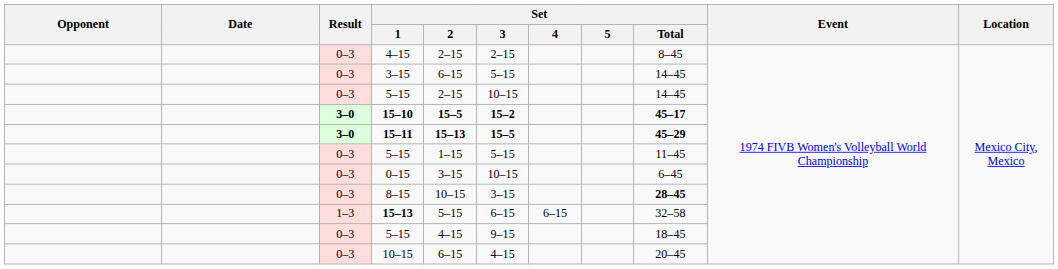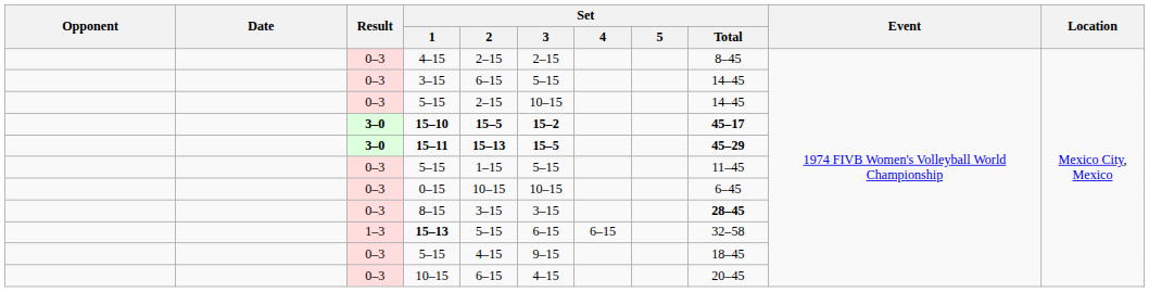 <table class="wikitable" style="font-size: 90%">
 <tr>
 <th rowspan=2 width=15%>Opponent</th>
 <th rowspan=2 width=15%>Date</th>
 <th rowspan=2 width=5%>Result</th>
 <th colspan=6>Set</th>
 <th rowspan=2 width=24%>Event</th>
 <th rowspan=2 width=16%>Location</th>
 </tr>
 <tr>
 <th width=5%>1</th>
 <th width=5%>2</th>
 <th width=5%>3</th>
 <th width=5%>4</th>
 <th width=5%>5</th>
 <th width=7%>Total</th>
 </tr>
 <tr style="text-align:center;">
 <td style="text-align:left;"></td>
 <td></td>
 <td style="background:#ffdddd;">0–3</td>
 <td>4–15</td>
 <td>2–15</td>
 <td>2–15</td>
 <td></td>
 <td></td>
 <td>8–45</td>
 <td rowspan=11><a href='#'>1974 FIVB Women's Volleyball World Championship</a></td>
 <td rowspan=11><a href='#'>Mexico City</a>, <a href='#'>Mexico</a></td>
 </tr>
 <tr style="text-align:center;">
 <td style="text-align:left;"></td>
 <td></td>
 <td style="background:#ffdddd;">0–3</td>
 <td>3–15</td>
 <td>6–15</td>
 <td>5–15</td>
 <td></td>
 <td></td>
 <td>14–45</td>
 </tr>
 <tr style="text-align:center;">
 <td style="text-align:left;"></td>
 <td></td>
 <td style="background:#ffdddd;">0–3</td>
 <td>5–15</td>
 <td>2–15</td>
 <td>10–15</td>
 <td></td>
 <td></td>
 <td>14–45</td>
 </tr>
 <tr style="text-align:center;">
 <td style="text-align:left;"></td>
 <td></td>
 <td style="background:#ddffdd;"><strong>3–0</strong></td>
 <td><strong>15–10</strong></td>
 <td><strong>15–5</strong></td>
 <td><strong>15–2</strong></td>
 <td></td>
 <td></td>
 <td><strong>45–17</strong></td>
 </tr>
 <tr style="text-align:center;">
 <td style="text-align:left;"></td>
 <td></td>
 <td style="background:#ddffdd;"><strong>3–0</strong></td>
 <td><strong>15–11</strong></td>
 <td><strong>15–13</strong></td>
 <td><strong>15–5</strong></td>
 <td></td>
 <td></td>
 <td><strong>45–29</strong></td>
 </tr>
 <tr style="text-align:center;">
 <td style="text-align:left;"></td>
 <td></td>
 <td style="background:#ffdddd;">0–3</td>
 <td>5–15</td>
 <td>1–15</td>
 <td>5–15</td>
 <td></td>
 <td></td>
 <td>11–45</td>
 </tr>
 <tr style="text-align:center;">
 <td style="text-align:left;"></td>
 <td></td>
 <td style="background:#ffdddd;">0–3</td>
 <td>0–15</td>
-<td>3–15</td>
+<td>10–15</td>
 <td>10–15</td>
 <td></td>
 <td></td>
 <td>6–45</td>
 </tr>
 <tr style="text-align:center;">
 <td style="text-align:left;"></td>
 <td></td>
 <td style="background:#ffdddd;">0–3</td>
 <td>8–15</td>
-<td>10–15</td>
+<td>3–15</td>
 <td>3–15</td>
 <td></td>
 <td></td>
 <td><strong>28–45</strong></td>
 </tr>
 <tr style="text-align:center;">
 <td style="text-align:left;"></td>
 <td></td>
 <td style="background:#ffdddd;">1–3</td>
 <td><strong>15–13</strong></td>
 <td>5–15</td>
 <td>6–15</td>
 <td>6–15</td>
 <td></td>
 <td>32–58</td>
 </tr>
 <tr style="text-align:center;">
 <td style="text-align:left;"></td>
 <td></td>
 <td style="background:#ffdddd;">0–3</td>
 <td>5–15</td>
 <td>4–15</td>
 <td>9–15</td>
 <td></td>
 <td></td>
 <td>18–45</td>
 </tr>
 <tr style="text-align:center;">
 <td style="text-align:left;"></td>
 <td></td>
 <td style="background:#ffdddd;">0–3</td>
 <td>10–15</td>
 <td>6–15</td>
 <td>4–15</td>
 <td></td>
 <td></td>
 <td>20–45</td>
 </tr>
 </table>
